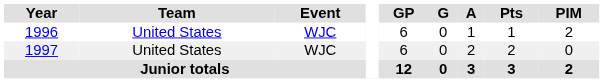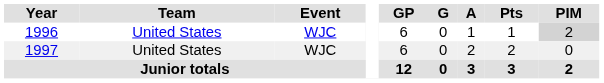 <table border="0" cellpadding="1" cellspacing="0" style="text-align:center; width:40em">
 <tr ALIGN="center" bgcolor="#e0e0e0">
 <th>Year</th>
 <th>Team</th>
 <th>Event</th>
 <th ALIGN="center" rowspan="99" bgcolor="#ffffff"> </th>
 <th>GP</th>
 <th>G</th>
 <th>A</th>
 <th>Pts</th>
 <th>PIM</th>
 </tr>
 <tr>
 <td><a href='#'>1996</a></td>
 <td><a href='#'>United States</a></td>
 <td><a href='#'>WJC</a></td>
 <td>6</td>
 <td>0</td>
 <td>1</td>
 <td>1</td>
-<td>2</td>
+<td style="background: lightgrey;">2</td>
 </tr>
 <tr bgcolor="#f0f0f0">
 <td><a href='#'>1997</a></td>
 <td>United States</td>
 <td>WJC</td>
 <td>6</td>
 <td>0</td>
 <td>2</td>
 <td>2</td>
 <td>0</td>
 </tr>
 <tr bgcolor="#e0e0e0">
 <th colspan="3">Junior totals</th>
 <th>12</th>
 <th>0</th>
 <th>3</th>
 <th>3</th>
 <th>2</th>
 </tr>
 </table>
